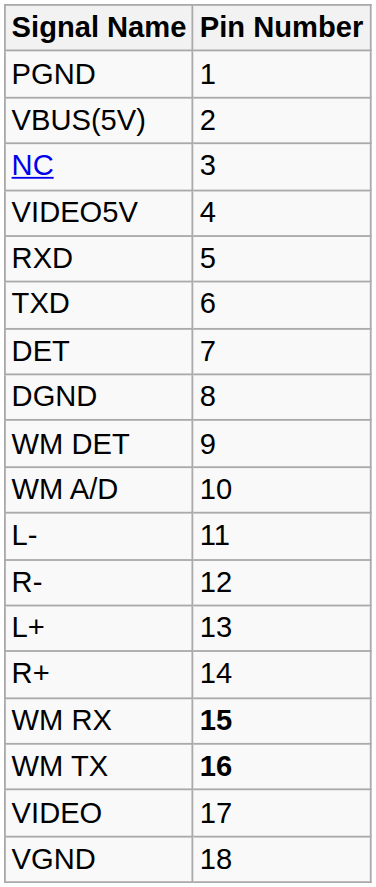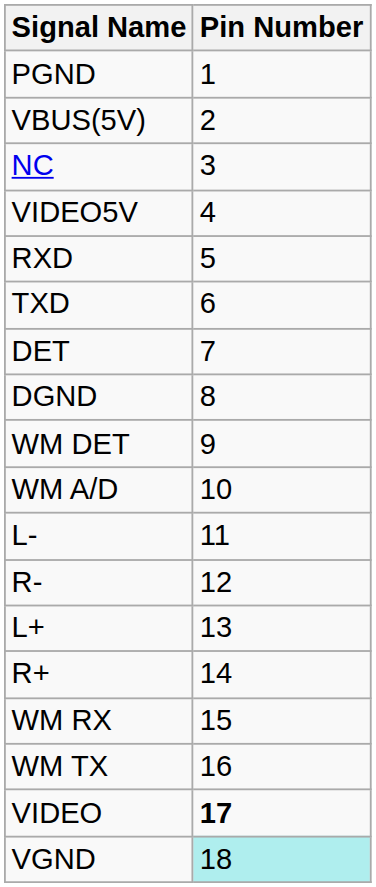 <table class="wikitable">
 <tr>
 <th>Signal Name</th>
 <th>Pin Number</th>
 </tr>
 <tr>
 <td>PGND</td>
 <td>1</td>
 </tr>
 <tr>
 <td>VBUS(5V)</td>
 <td>2</td>
 </tr>
 <tr>
 <td><a href='#'>NC</a></td>
 <td>3</td>
 </tr>
 <tr>
 <td>VIDEO5V</td>
 <td>4</td>
 </tr>
 <tr>
 <td>RXD</td>
 <td>5</td>
 </tr>
 <tr>
 <td>TXD</td>
 <td>6</td>
 </tr>
 <tr>
 <td>DET</td>
 <td>7</td>
 </tr>
 <tr>
 <td>DGND</td>
 <td>8</td>
 </tr>
 <tr>
 <td>WM DET</td>
 <td>9</td>
 </tr>
 <tr>
 <td>WM A/D</td>
 <td>10</td>
 </tr>
 <tr>
 <td>L-</td>
 <td>11</td>
 </tr>
 <tr>
 <td>R-</td>
 <td>12</td>
 </tr>
 <tr>
 <td>L+</td>
 <td>13</td>
 </tr>
 <tr>
 <td>R+</td>
 <td>14</td>
 </tr>
 <tr>
 <td>WM RX</td>
-<td><strong>15</strong></td>
+<td>15</td>
 </tr>
 <tr>
 <td>WM TX</td>
-<td><strong>16</strong></td>
+<td>16</td>
 </tr>
 <tr>
 <td>VIDEO</td>
-<td>17</td>
+<td><strong>17</strong></td>
 </tr>
 <tr>
 <td>VGND</td>
-<td>18</td>
+<td style="background: paleturquoise;">18</td>
 </tr>
 </table>
